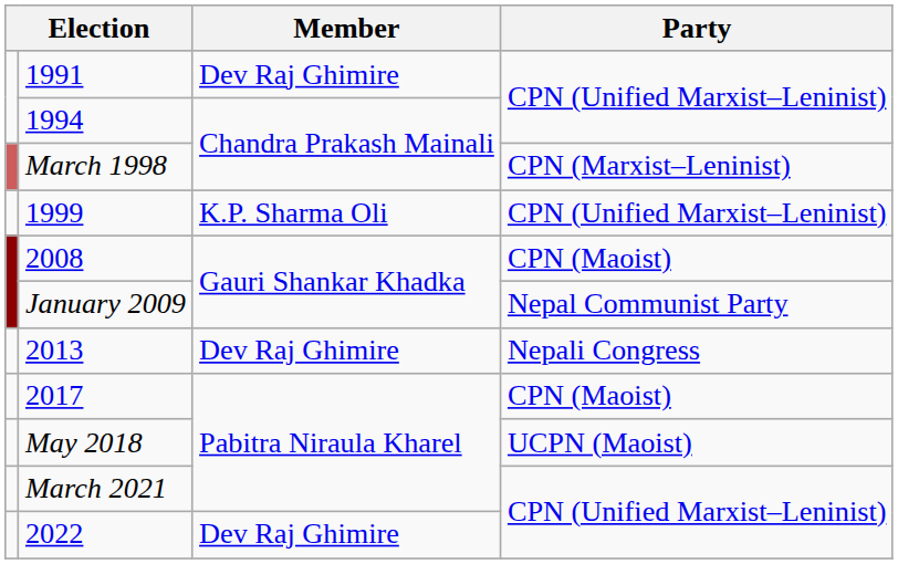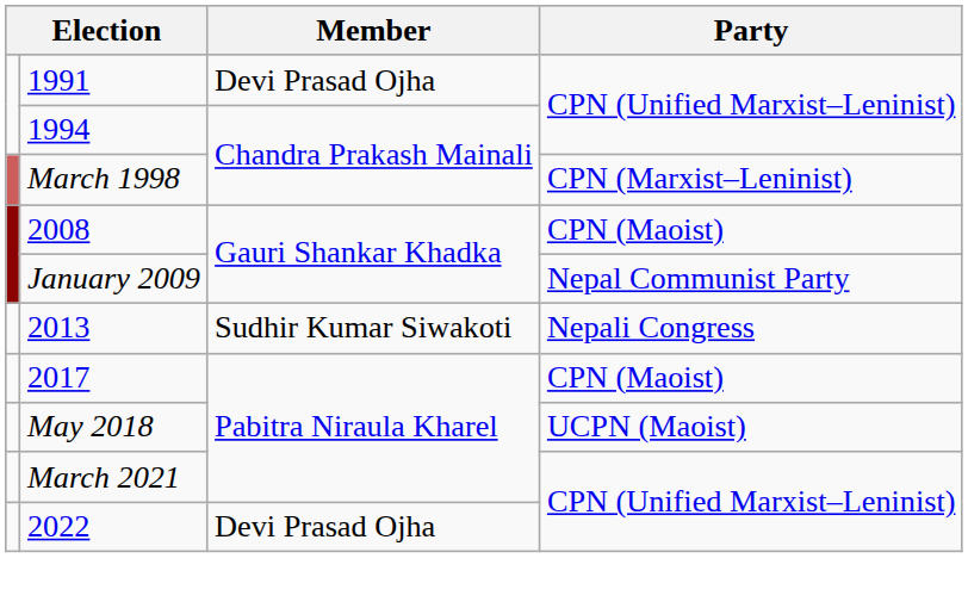 <table class="wikitable">
 <tr>
 <th colspan="2">Election</th>
 <th>Member</th>
 <th>Party</th>
 </tr>
 <tr>
 <td rowspan="2" style="background-color:"></td>
 <td><a href='#'>1991</a></td>
-<td><a href='#'>Dev Raj Ghimire</a></td>
+<td>Devi Prasad Ojha</td>
 <td rowspan="2"><a href='#'>CPN (Unified Marxist–Leninist)</a></td>
 </tr>
 <tr>
 <td><a href='#'>1994</a></td>
 <td rowspan="2"><a href='#'>Chandra Prakash Mainali</a></td>
 </tr>
 <tr>
 <td style="background-color:indianred"></td>
 <td><em>March 1998</em></td>
 <td><a href='#'>CPN (Marxist–Leninist)</a></td>
-</tr>
-<tr>
-<td style="background-color:"></td>
-<td><a href='#'>1999</a></td>
-<td><a href='#'>K.P. Sharma Oli</a></td>
-<td><a href='#'>CPN (Unified Marxist–Leninist)</a></td>
 </tr>
 <tr>
 <td rowspan="2" style="background-color:darkred"></td>
 <td><a href='#'>2008</a></td>
 <td rowspan="2"><a href='#'>Gauri Shankar Khadka</a></td>
 <td><a href='#'>CPN (Maoist)</a></td>
 </tr>
 <tr>
 <td><em>January 2009</em></td>
 <td><a href='#'>Nepal Communist Party</a></td>
 </tr>
 <tr>
 <td style="background-color:"></td>
 <td><a href='#'>2013</a></td>
-<td><a href='#'>Dev Raj Ghimire</a></td>
+<td>Sudhir Kumar Siwakoti</td>
 <td><a href='#'>Nepali Congress</a></td>
 </tr>
 <tr>
 <td style="background-color:"></td>
 <td><a href='#'>2017</a></td>
 <td rowspan="3"><a href='#'>Pabitra Niraula Kharel</a></td>
 <td><a href='#'>CPN (Maoist)</a></td>
 </tr>
 <tr>
 <td style="background-color:"></td>
 <td><em>May 2018</em></td>
 <td><a href='#'>UCPN (Maoist)</a></td>
 </tr>
 <tr>
 <td style="background-color:"></td>
 <td><em>March 2021</em></td>
 <td rowspan="2"><a href='#'>CPN (Unified Marxist–Leninist)</a></td>
 </tr>
 <tr>
 <td style="background-color:"></td>
 <td><a href='#'>2022</a></td>
-<td><a href='#'>Dev Raj Ghimire</a></td>
+<td>Devi Prasad Ojha</td>
 </tr>
 </table>
